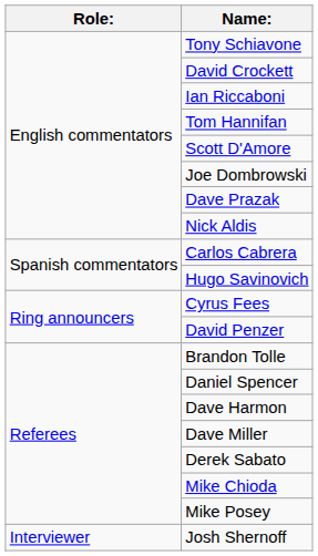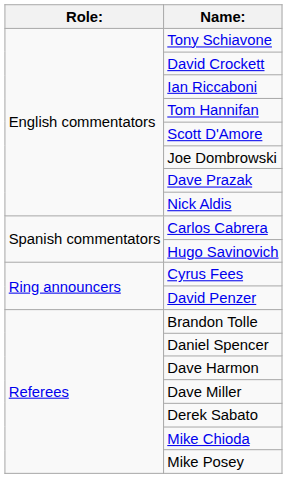 <table class=wikitable style="font-size:90%; margin: 0.5em 0 0.5em 1em; float: right; clear: right;">
 <tr>
 <th>Role:</th>
 <th>Name:</th>
 </tr>
 <tr>
 <td rowspan=8>English commentators</td>
 <td><a href='#'>Tony Schiavone</a></td>
 </tr>
 <tr>
 <td><a href='#'>David Crockett</a></td>
 </tr>
 <tr>
 <td><a href='#'>Ian Riccaboni</a> </td>
 </tr>
 <tr>
 <td><a href='#'>Tom Hannifan</a> </td>
 </tr>
 <tr>
 <td><a href='#'>Scott D'Amore</a> </td>
 </tr>
 <tr>
 <td>Joe Dombrowski </td>
 </tr>
 <tr>
 <td><a href='#'>Dave Prazak</a> </td>
 </tr>
 <tr>
 <td><a href='#'>Nick Aldis</a> </td>
 </tr>
 <tr>
 <td rowspan=2>Spanish commentators</td>
 <td><a href='#'>Carlos Cabrera</a></td>
 </tr>
 <tr>
 <td><a href='#'>Hugo Savinovich</a></td>
 </tr>
 <tr>
 <td rowspan=2><a href='#'>Ring announcers</a></td>
 <td><a href='#'>Cyrus Fees</a></td>
 </tr>
 <tr>
 <td><a href='#'>David Penzer</a> </td>
 </tr>
 <tr>
 <td rowspan=7><a href='#'>Referees</a></td>
 <td>Brandon Tolle</td>
 </tr>
 <tr>
 <td>Daniel Spencer</td>
 </tr>
 <tr>
 <td>Dave Harmon</td>
 </tr>
 <tr>
 <td>Dave Miller</td>
 </tr>
 <tr>
 <td>Derek Sabato</td>
 </tr>
 <tr>
 <td><a href='#'>Mike Chioda</a> </td>
 </tr>
 <tr>
 <td>Mike Posey</td>
 </tr>
-<tr>
-<td><a href='#'>Interviewer</a></td>
-<td>Josh Shernoff</td>
-</tr>
 </table>
